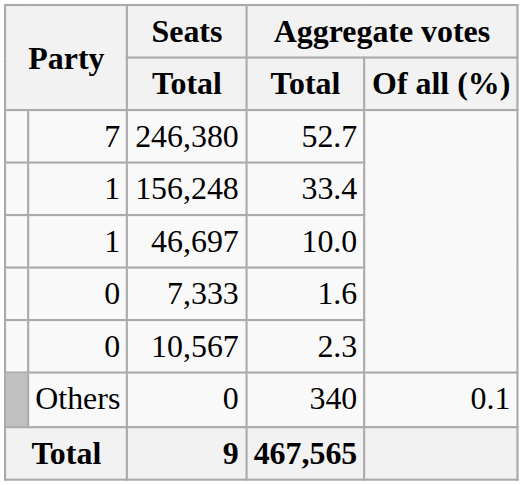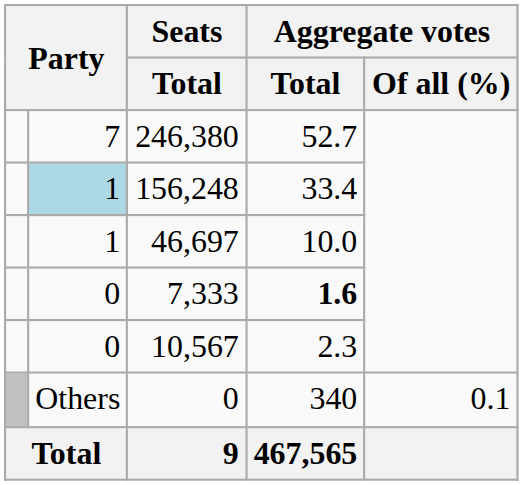 <table class="wikitable" style="text-align:right; font-size:95%;">
 <tr>
 <th colspan="2" rowspan="2">Party</th>
 <th>Seats</th>
 <th colspan="2">Aggregate votes</th>
 </tr>
 <tr>
 <th>Total</th>
 <th>Total</th>
 <th>Of all (%)</th>
 </tr>
 <tr>
 <td></td>
 <td>7</td>
 <td>246,380</td>
 <td>52.7</td>
 </tr>
 <tr>
 <td></td>
-<td>1</td>
+<td style="background: lightblue;">1</td>
 <td>156,248</td>
 <td>33.4</td>
 </tr>
 <tr>
 <td></td>
 <td>1</td>
 <td>46,697</td>
 <td>10.0</td>
 </tr>
 <tr>
 <td></td>
 <td>0</td>
 <td>7,333</td>
-<td>1.6</td>
+<td><strong>1.6</strong></td>
 </tr>
 <tr>
 <td></td>
 <td>0</td>
 <td>10,567</td>
 <td>2.3</td>
 </tr>
 <tr>
 <td style="background:silver;"> </td>
 <td align=left>Others</td>
 <td>0</td>
 <td>340</td>
 <td>0.1</td>
 </tr>
 <tr>
 <th colspan="2" style="background:#f2f2f2"><strong>Total</strong></th>
 <td style="background:#f2f2f2;"><strong>9</strong></td>
 <td style="background:#f2f2f2;"><strong>467,565</strong></td>
 <td style="background:#f2f2f2;"></td>
 </tr>
 </table>
